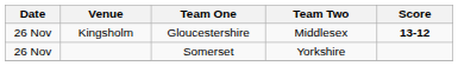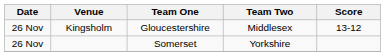 <table class="wikitable" style="text-align: center">
 <tr>
 <th width=70>Date</th>
 <th width=120>Venue</th>
 <th width=150>Team One</th>
 <th width=150>Team Two</th>
 <th width=100>Score</th>
 </tr>
 <tr>
 <td>26 Nov</td>
 <td>Kingsholm</td>
 <td>Gloucestershire</td>
 <td>Middlesex</td>
-<td><strong>13-12</strong></td>
+<td>13-12</td>
 </tr>
 <tr>
 <td>26 Nov</td>
 <td></td>
 <td>Somerset</td>
 <td>Yorkshire</td>
 <td></td>
 </tr>
 <tr>
 </tr>
 </table>
